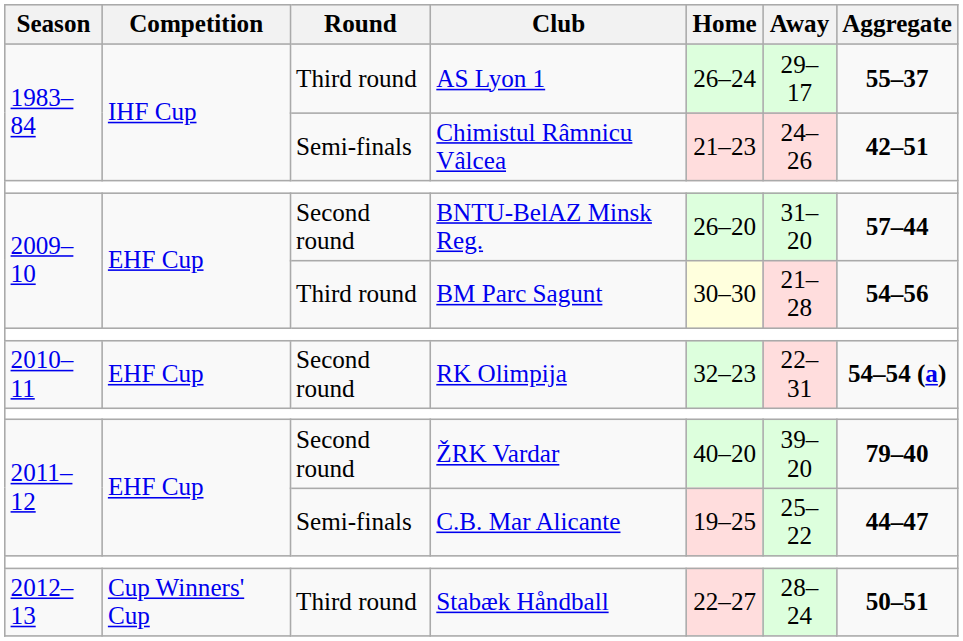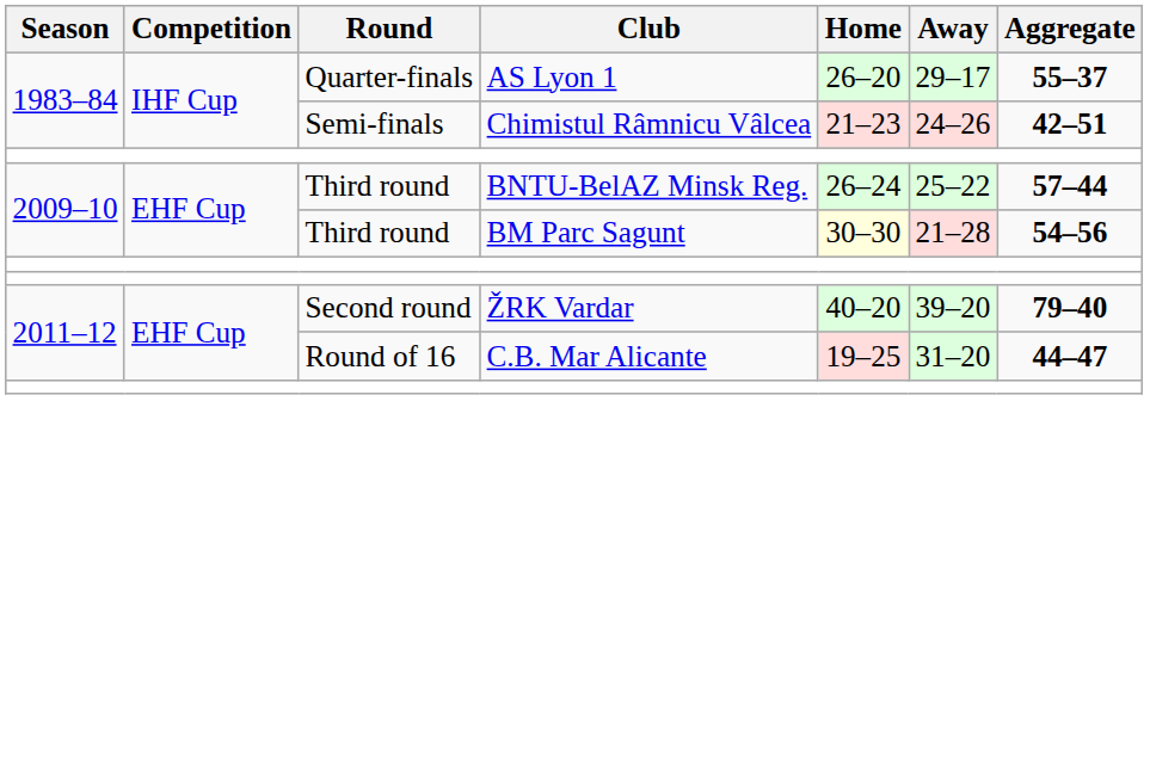 <table class="wikitable" style="text-align: left">
 <tr>
 <th>Season</th>
 <th>Competition</th>
 <th>Round</th>
 <th>Club</th>
 <th>Home</th>
 <th>Away</th>
 <th>Aggregate</th>
 </tr>
 <tr>
 <td rowspan=2><a href='#'>1983–84</a></td>
 <td rowspan=2><a href='#'>IHF Cup</a></td>
-<td>Third round</td>
+<td>Quarter-finals</td>
 <td> <a href='#'>AS Lyon 1</a></td>
-<td style="text-align:center; background:#dfd;">26–24</td>
+<td style="text-align:center; background:#dfd;">26–20</td>
 <td style="text-align:center; background:#dfd;">29–17</td>
 <td style="text-align:center;"><strong>55–37</strong></td>
 </tr>
 <tr>
 <td>Semi-finals</td>
 <td> <a href='#'>Chimistul Râmnicu Vâlcea</a></td>
 <td style="text-align:center; background:#fdd;">21–23</td>
 <td style="text-align:center; background:#fdd;">24–26</td>
 <td style="text-align:center;"><strong>42–51</strong></td>
 </tr>
 <tr>
 <td colspan=7 style="text-align: center;" bgcolor=white></td>
 </tr>
 <tr>
 <td rowspan=2><a href='#'>2009–10</a></td>
 <td rowspan=2><a href='#'>EHF Cup</a></td>
-<td>Second round</td>
+<td>Third round</td>
 <td> <a href='#'>BNTU-BelAZ Minsk Reg.</a></td>
-<td style="text-align:center; background:#dfd;">26–20</td>
-<td style="text-align:center; background:#dfd;">31–20</td>
+<td style="text-align:center; background:#dfd;">26–24</td>
+<td style="text-align:center; background:#dfd;">25–22</td>
 <td style="text-align:center;"><strong>57–44</strong></td>
 </tr>
 <tr>
 <td>Third round</td>
 <td> <a href='#'>BM Parc Sagunt</a></td>
 <td style="text-align:center; background:#ffd;">30–30</td>
 <td style="text-align:center; background:#fdd;">21–28</td>
 <td style="text-align:center;"><strong>54–56</strong></td>
 </tr>
 <tr>
 <td colspan=7 style="text-align: center;" bgcolor=white></td>
-</tr>
-<tr>
-<td rowspan=1><a href='#'>2010–11</a></td>
-<td rowspan=1><a href='#'>EHF Cup</a></td>
-<td>Second round</td>
-<td> <a href='#'>RK Olimpija</a></td>
-<td style="text-align:center; background:#dfd;">32–23</td>
-<td style="text-align:center; background:#fdd;">22–31</td>
-<td style="text-align:center;"><strong>54–54 (<a href='#'>a</a>)</strong></td>
 </tr>
 <tr>
 <td colspan=7 style="text-align: center;" bgcolor=white></td>
 </tr>
 <tr>
 <td rowspan=2><a href='#'>2011–12</a></td>
 <td rowspan=2><a href='#'>EHF Cup</a></td>
 <td>Second round</td>
 <td> <a href='#'>ŽRK Vardar</a></td>
 <td style="text-align:center; background:#dfd;">40–20</td>
 <td style="text-align:center; background:#dfd;">39–20</td>
 <td style="text-align:center;"><strong>79–40</strong></td>
 </tr>
 <tr>
-<td>Semi-finals</td>
+<td>Round of 16</td>
 <td> <a href='#'>C.B. Mar Alicante</a></td>
 <td style="text-align:center; background:#fdd;">19–25</td>
-<td style="text-align:center; background:#dfd;">25–22</td>
+<td style="text-align:center; background:#dfd;">31–20</td>
 <td style="text-align:center;"><strong>44–47</strong></td>
 </tr>
 <tr>
 <td colspan=7 style="text-align: center;" bgcolor=white></td>
 </tr>
-<tr>
-<td rowspan=1><a href='#'>2012–13</a></td>
-<td rowspan=1><a href='#'>Cup Winners' Cup</a></td>
-<td>Third round</td>
-<td> <a href='#'>Stabæk Håndball</a></td>
-<td style="text-align:center; background:#fdd;">22–27</td>
-<td style="text-align:center; background:#dfd;">28–24</td>
-<td style="text-align:center;"><strong>50–51</strong></td>
-</tr>
 </table>
